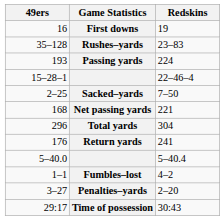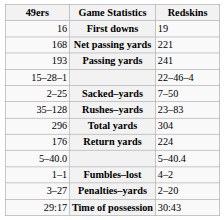 <table class="wikitable" style="margin: 1em auto 1em auto">
 <tr>
 <th style="width:30%;">49ers</th>
 <th style="width:40%;">Game Statistics</th>
 <th style="width:30%;">Redskins</th>
 </tr>
 <tr>
 <td style="text-align:right;">16</td>
 <th>First downs</th>
 <td>19</td>
 </tr>
 <tr>
-<td style="text-align:right;">35–128</td>
-<th>Rushes–yards</th>
-<td>23–83</td>
+<td style="text-align:right;">168</td>
+<th>Net passing yards</th>
+<td>221</td>
 </tr>
 <tr>
 <td style="text-align:right;">193</td>
 <th>Passing yards</th>
-<td>224</td>
+<td>241</td>
 </tr>
 <tr>
 <td style="text-align:right;">15–28–1</td>
 <th></th>
 <td>22–46–4</td>
 </tr>
 <tr>
 <td style="text-align:right;">2–25</td>
 <th>Sacked–yards</th>
 <td>7–50</td>
 </tr>
 <tr>
-<td style="text-align:right;">168</td>
-<th>Net passing yards</th>
-<td>221</td>
+<td style="text-align:right;">35–128</td>
+<th>Rushes–yards</th>
+<td>23–83</td>
 </tr>
 <tr>
 <td style="text-align:right;">296</td>
 <th>Total yards</th>
 <td>304</td>
 </tr>
 <tr>
 <td style="text-align:right;">176</td>
 <th>Return yards</th>
-<td>241</td>
+<td>224</td>
 </tr>
 <tr>
 <td style="text-align:right;">5–40.0</td>
 <th></th>
 <td>5–40.4</td>
 </tr>
 <tr>
 <td style="text-align:right;">1–1</td>
 <th>Fumbles–lost</th>
 <td>4–2</td>
 </tr>
 <tr>
 <td style="text-align:right;">3–27</td>
 <th>Penalties–yards</th>
 <td>2–20</td>
 </tr>
 <tr>
 <td style="text-align:right;">29:17</td>
 <th>Time of possession</th>
 <td>30:43</td>
 </tr>
 </table>
